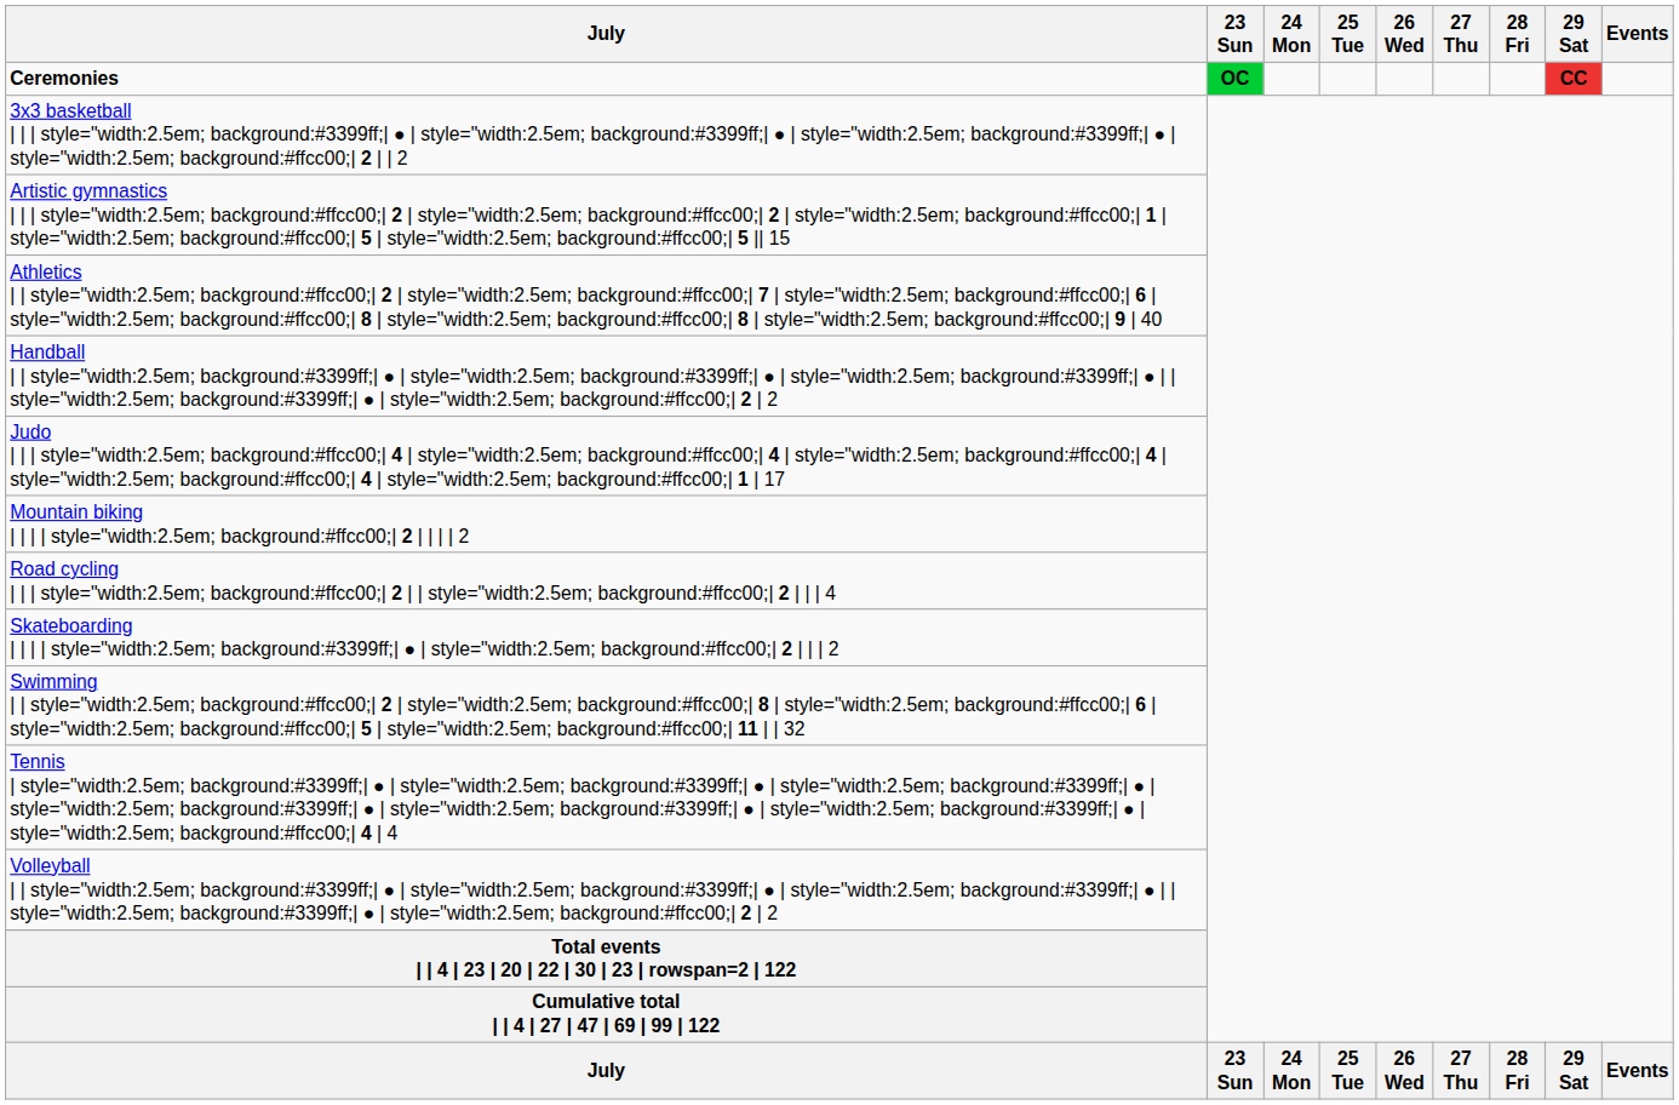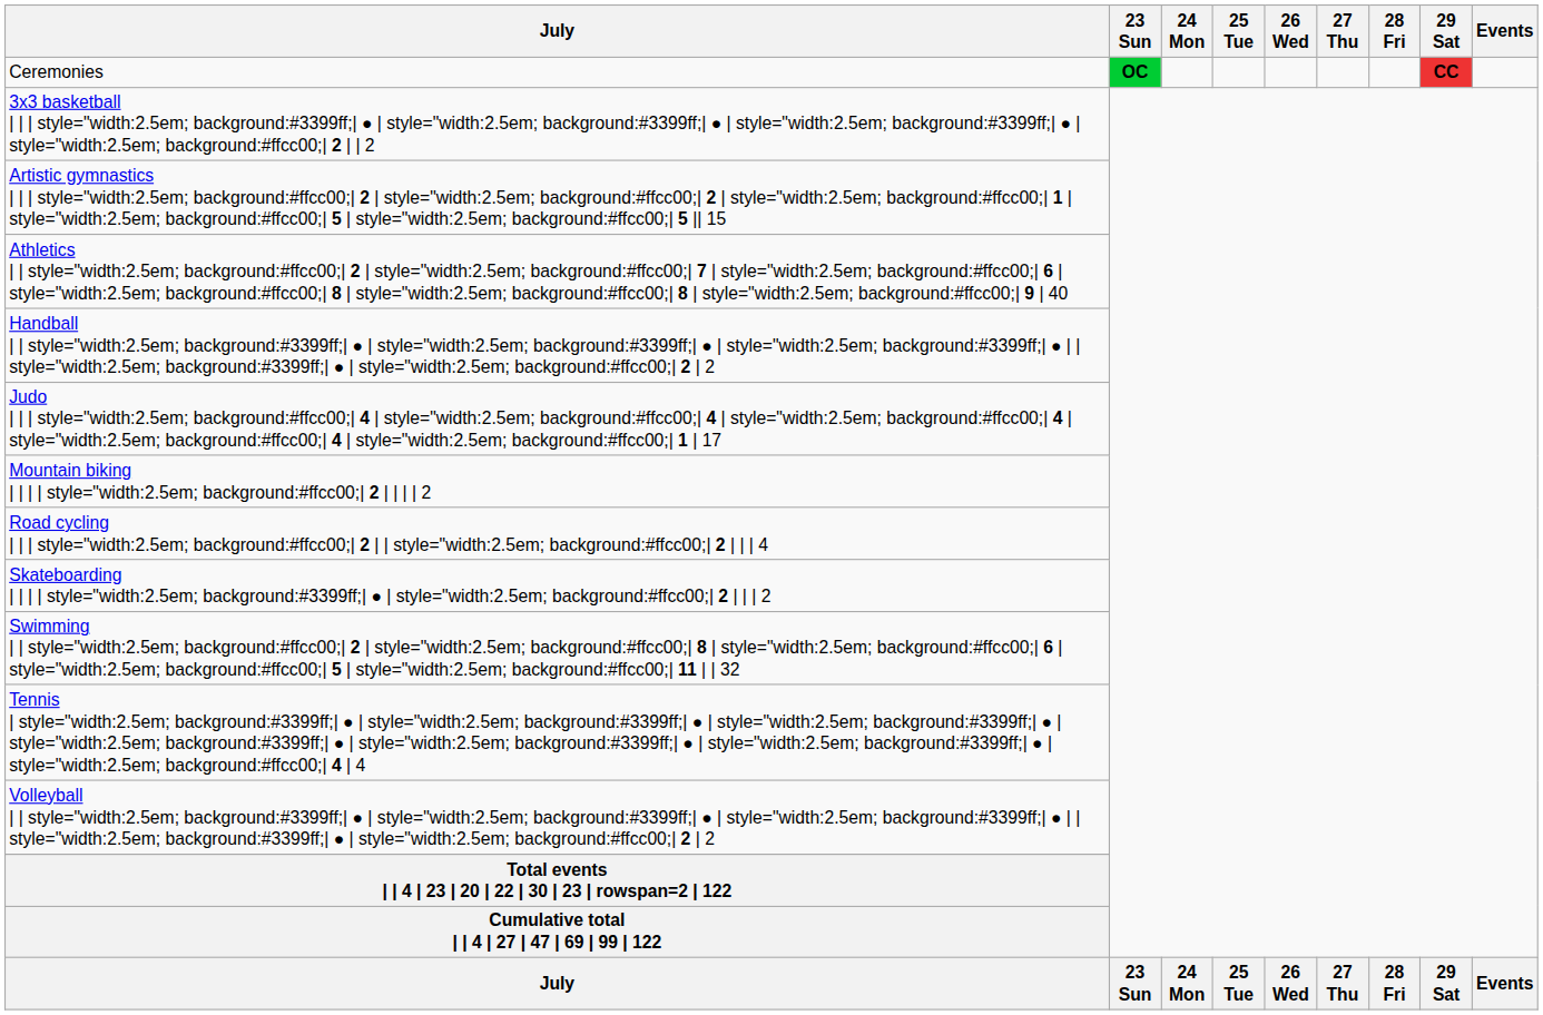 <table class="wikitable" style="margin:0.5em auto; font-size:90%; line-height:1.25em">
 <tr>
 <th>July</th>
 <th style="width:2.5em">23 <br> Sun</th>
 <th style="width:2.5em">24 <br> Mon</th>
 <th style="width:2.5em">25 <br> Tue</th>
 <th style="width:2.5em">26 <br> Wed</th>
 <th style="width:2.5em">27 <br> Thu</th>
 <th style="width:2.5em">28 <br> Fri</th>
 <th style="width:2.5em">29 <br> Sat</th>
 <th>Events</th>
 </tr>
 <tr>
-<td><strong>Ceremonies</strong></td>
+<td>Ceremonies</td>
 <td style="background:#00cc33; text-align:center"><strong>OC</strong></td>
 <td></td>
 <td></td>
 <td></td>
 <td></td>
 <td></td>
 <td style="background:#ee3333; text-align:center"><strong>CC</strong></td>
 <td></td>
 </tr>
 <tr style="text-align:center">
 <td style="text-align:left"> <a href='#'>3x3 basketball</a><br> |   |   | style="width:2.5em; background:#3399ff;| ●  | style="width:2.5em; background:#3399ff;| ●  | style="width:2.5em; background:#3399ff;| ●  | style="width:2.5em; background:#ffcc00;| <strong>2</strong>  |   | 2</td>
 </tr>
 <tr style="text-align:center">
 <td style="text-align:left"> <a href='#'>Artistic gymnastics</a><br> |   |   | style="width:2.5em; background:#ffcc00;| <strong>2</strong>  | style="width:2.5em; background:#ffcc00;| <strong>2</strong>  | style="width:2.5em; background:#ffcc00;| <strong>1</strong>  | style="width:2.5em; background:#ffcc00;| <strong>5</strong>  | style="width:2.5em; background:#ffcc00;| <strong>5</strong>  || 15</td>
 </tr>
 <tr style="text-align:center">
 <td style="text-align:left"> <a href='#'>Athletics</a><br> |   | style="width:2.5em; background:#ffcc00;| <strong>2</strong>  | style="width:2.5em; background:#ffcc00;| <strong>7</strong>  | style="width:2.5em; background:#ffcc00;| <strong>6</strong>  | style="width:2.5em; background:#ffcc00;| <strong>8</strong>  | style="width:2.5em; background:#ffcc00;| <strong>8</strong>  | style="width:2.5em; background:#ffcc00;| <strong>9</strong>  | 40</td>
 </tr>
 <tr style="text-align:center">
 <td style="text-align:left"> <a href='#'>Handball</a><br> |   | style="width:2.5em; background:#3399ff;| ●  | style="width:2.5em; background:#3399ff;| ●  | style="width:2.5em; background:#3399ff;| ●  |   | style="width:2.5em; background:#3399ff;| ●  | style="width:2.5em; background:#ffcc00;| <strong>2</strong>  | 2</td>
 </tr>
 <tr style="text-align:center">
 <td style="text-align:left"> <a href='#'>Judo</a><br> |   |   | style="width:2.5em; background:#ffcc00;| <strong>4</strong>  | style="width:2.5em; background:#ffcc00;| <strong>4</strong>  | style="width:2.5em; background:#ffcc00;| <strong>4</strong>  | style="width:2.5em; background:#ffcc00;| <strong>4</strong>  | style="width:2.5em; background:#ffcc00;| <strong>1</strong>  | 17</td>
 </tr>
 <tr style="text-align:center">
 <td style="text-align:left"> <a href='#'>Mountain biking</a><br> |   |   |   | style="width:2.5em; background:#ffcc00;| <strong>2</strong>  |   |   |   | 2</td>
 </tr>
 <tr style="text-align:center">
 <td style="text-align:left"> <a href='#'>Road cycling</a><br> |   |   | style="width:2.5em; background:#ffcc00;| <strong>2</strong>  |   | style="width:2.5em; background:#ffcc00;| <strong>2</strong>  |   |   | 4</td>
 </tr>
 <tr style="text-align:center">
 <td style="text-align:left"> <a href='#'>Skateboarding</a><br> |   |   |   | style="width:2.5em; background:#3399ff;| ●  | style="width:2.5em; background:#ffcc00;| <strong>2</strong>  |   |   | 2</td>
 </tr>
 <tr style="text-align:center">
 <td style="text-align:left"> <a href='#'>Swimming</a><br> |   | style="width:2.5em; background:#ffcc00;| <strong>2</strong>  | style="width:2.5em; background:#ffcc00;| <strong>8</strong>  | style="width:2.5em; background:#ffcc00;| <strong>6</strong>  | style="width:2.5em; background:#ffcc00;| <strong>5</strong>  | style="width:2.5em; background:#ffcc00;| <strong>11</strong>  |   | 32</td>
 </tr>
 <tr style="text-align:center">
 <td style="text-align:left"> <a href='#'>Tennis</a><br> | style="width:2.5em; background:#3399ff;| ●  | style="width:2.5em; background:#3399ff;| ●  | style="width:2.5em; background:#3399ff;| ●  | style="width:2.5em; background:#3399ff;| ●  | style="width:2.5em; background:#3399ff;| ●  | style="width:2.5em; background:#3399ff;| ●  | style="width:2.5em; background:#ffcc00;| <strong>4</strong>  | 4</td>
 </tr>
 <tr style="text-align:center">
 <td style="text-align:left"> <a href='#'>Volleyball</a><br> |   | style="width:2.5em; background:#3399ff;| ●  | style="width:2.5em; background:#3399ff;| ●  | style="width:2.5em; background:#3399ff;| ●  |   | style="width:2.5em; background:#3399ff;| ●  | style="width:2.5em; background:#ffcc00;| <strong>2</strong>  | 2</td>
 </tr>
 <tr style="text-align:center">
 </tr>
 <tr align=center>
 <th>Total events<br> |   | 4  | 23  | 20  | 22  | 30  | 23  | rowspan=2 | 122</th>
 </tr>
 <tr align=center>
 <th>Cumulative total<br> |   | 4  | 27  | 47  | 69  | 99  | 122</th>
 </tr>
 <tr>
 <th>July</th>
 <th style="width:2.5em">23<br>Sun</th>
 <th style="width:2.5em">24<br>Mon</th>
 <th style="width:2.5em">25<br>Tue</th>
 <th style="width:2.5em">26<br>Wed</th>
 <th style="width:2.5em">27<br>Thu</th>
 <th style="width:2.5em">28<br>Fri</th>
 <th style="width:2.5em">29<br>Sat</th>
 <th>Events</th>
 </tr>
 </table>
